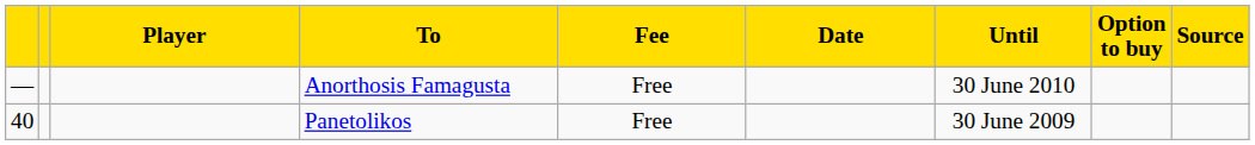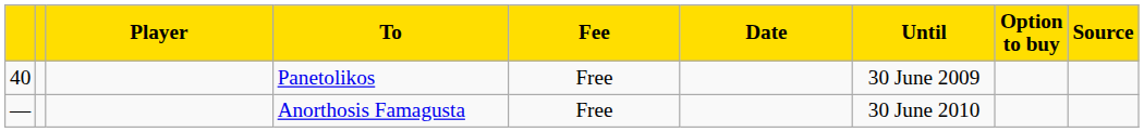 <table class="wikitable sortable">
 <tr>
 <th style="background:#FFDE00"></th>
 <th style="background:#FFDE00"></th>
 <th width=200 style="background:#FFDE00">Player</th>
 <th width=200 style="background:#FFDE00">To</th>
 <th width=150 style="background:#FFDE00">Fee</th>
 <th width=150 style="background:#FFDE00">Date</th>
 <th width=120 style="background:#FFDE00">Until</th>
 <th style="background:#FFDE00">Option to buy</th>
 <th style="background:#FFDE00">Source</th>
 </tr>
 <tr>
+<td align=center>40</td>
+<td align=center></td>
+<td></td>
+<td> <a href='#'>Panetolikos</a></td>
+<td align=center>Free</td>
+<td align=center></td>
+<td align=center>30 June 2009</td>
+<td align=center></td>
+<td align=center></td>
+</tr>
+<tr>
 <td align=center>—</td>
 <td align=center></td>
 <td></td>
 <td> <a href='#'>Anorthosis Famagusta</a></td>
 <td align=center>Free</td>
 <td align=center></td>
 <td align=center>30 June 2010</td>
 <td align=center></td>
 <td align=center></td>
 </tr>
-<tr>
-<td align=center>40</td>
-<td align=center></td>
-<td></td>
-<td> <a href='#'>Panetolikos</a></td>
-<td align=center>Free</td>
-<td align=center></td>
-<td align=center>30 June 2009</td>
-<td align=center></td>
-<td align=center></td>
-</tr>
 </table>
